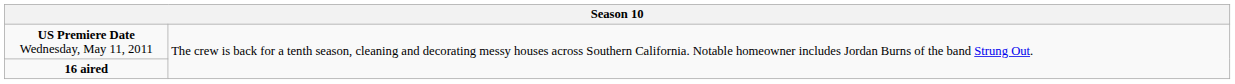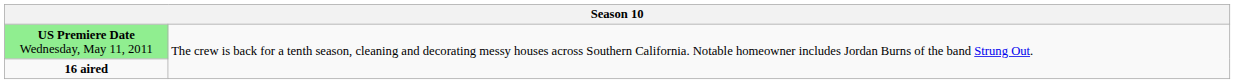 <table class="wikitable" style="width:98%;">
 <tr>
 <th colspan="2">Season 10</th>
 </tr>
 <tr>
-<td style="width:200px; text-align:center;"><strong>US Premiere Date</strong><br>Wednesday, May 11, 2011</td>
+<td style="background: lightgreen; width:200px; text-align:center;"><strong>US Premiere Date</strong><br>Wednesday, May 11, 2011</td>
 <td rowspan="2">The crew is back for a tenth season, cleaning and decorating messy houses across Southern California. Notable homeowner includes Jordan Burns of the band <a href='#'>Strung Out</a>.</td>
 </tr>
 <tr>
 <td style="text-align:center;"><strong>16 aired</strong></td>
 </tr>
 </table>
